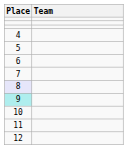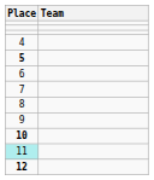 <table class="wikitable sortable" style="text-align:center; padding-bottom:0;">
 <tr>
 <th>Place</th>
 <th style="width:11em; text-align:left;">Team</th>
 </tr>
 <tr>
 <td></td>
 <td align=left></td>
 </tr>
 <tr>
 <td></td>
 <td align=left></td>
 </tr>
 <tr>
 <td></td>
 <td align=left></td>
 </tr>
 <tr>
 <td>4</td>
 <td align=left></td>
 </tr>
 <tr>
-<td>5</td>
+<td><strong>5</strong></td>
 <td align=left></td>
 </tr>
 <tr>
 <td>6</td>
 <td align=left></td>
 </tr>
 <tr>
 <td>7</td>
 <td align=left></td>
 </tr>
 <tr>
-<td style="background: lavender;">8</td>
+<td>8</td>
 <td align=left></td>
 </tr>
 <tr>
-<td style="background: paleturquoise;">9</td>
+<td>9</td>
 <td align=left></td>
 </tr>
 <tr>
-<td>10</td>
+<td><strong>10</strong></td>
 <td align=left></td>
 </tr>
 <tr>
-<td>11</td>
+<td style="background: paleturquoise;">11</td>
 <td align=left></td>
 </tr>
 <tr>
-<td>12</td>
+<td><strong>12</strong></td>
 <td align=left></td>
 </tr>
 </table>
